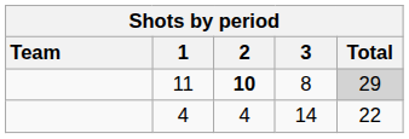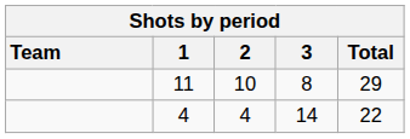 <table class="wikitable" style="width:20em; text-align:right;">
 <tr>
 <th colspan="7">Shots by period</th>
 </tr>
 <tr>
 <th style="width:8em; text-align:left;">Team</th>
 <th style="width:3em;">1</th>
 <th style="width:3em;">2</th>
 <th style="width:3em;">3</th>
 <th style="width:3em;">Total</th>
 </tr>
 <tr>
 <td style="text-align:left;"></td>
 <td style="text-align:center;">11</td>
-<td style="text-align:center;"><strong>10</strong></td>
+<td style="text-align:center;">10</td>
 <td style="text-align:center;">8</td>
-<td style="background: lightgrey; text-align:center;">29</td>
+<td style="text-align:center;">29</td>
 </tr>
 <tr>
 <td style="text-align:left;"></td>
 <td style="text-align:center;">4</td>
 <td style="text-align:center;">4</td>
 <td style="text-align:center;">14</td>
 <td style="text-align:center;">22</td>
 </tr>
 </table>
